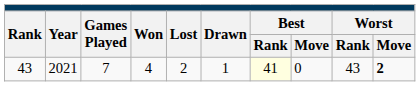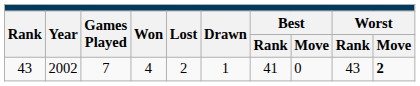 <table class="wikitable sortable" style="text-align:center;">
 <tr>
 <th colspan="10" style="background: #013A5E; color: #FFFFFF;"><a href='#'></a></th>
 </tr>
 <tr>
 <th rowspan=2>Rank</th>
 <th rowspan=2>Year</th>
 <th rowspan=2>Games<br>Played</th>
 <th rowspan=2>Won</th>
 <th rowspan=2>Lost</th>
 <th rowspan=2>Drawn</th>
 <th colspan=2>Best</th>
 <th colspan=2>Worst</th>
 </tr>
 <tr>
 <th>Rank</th>
 <th>Move</th>
 <th>Rank</th>
 <th>Move</th>
 </tr>
 <tr>
 <td>43</td>
-<td>2021</td>
+<td>2002</td>
 <td>7</td>
 <td>4</td>
 <td>2</td>
 <td>1</td>
-<td style="background: lightyellow;">41</td>
+<td>41</td>
 <td align=left> 0</td>
 <td>43</td>
 <td align=left><strong> 2</strong></td>
 </tr>
 </table>
